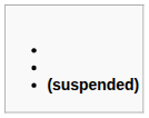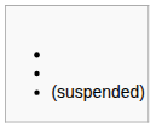 <table class="wikitable">
 <tr>
 </tr>
 <tr>
-<td valign=top><strong><br><ul><li></li><li></li><li> (suspended)</li></ul></strong></td>
+<td valign=top><br><ul><li></li><li></li><li> (suspended)</li></ul></td>
 </tr>
 </table>
